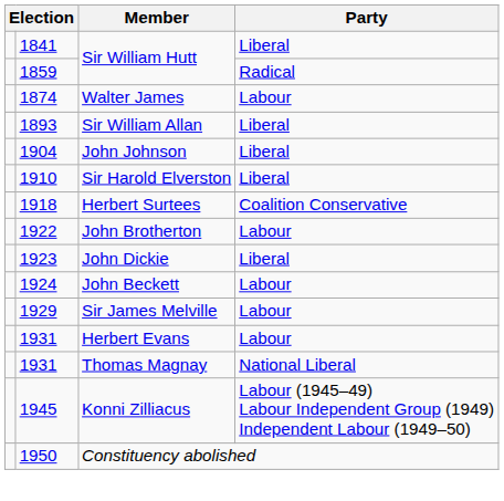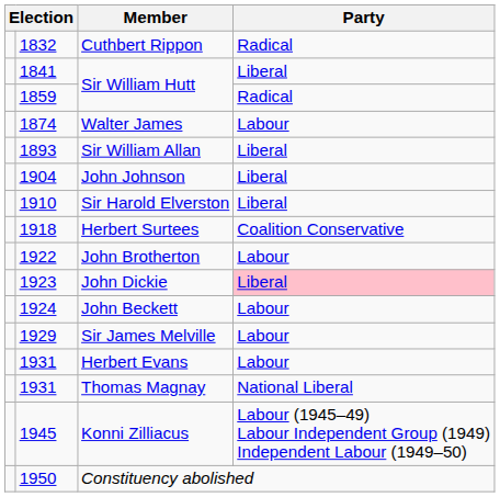 <table class="wikitable">
 <tr>
 <th colspan="2">Election</th>
 <th>Member</th>
 <th>Party</th>
+</tr>
+<tr>
+<td style="color:inherit;background-color: "></td>
+<td><a href='#'>1832</a></td>
+<td><a href='#'>Cuthbert Rippon</a></td>
+<td><a href='#'>Radical</a></td>
 </tr>
 <tr>
 <td style="color:inherit;background-color: "></td>
 <td><a href='#'>1841</a></td>
 <td rowspan="2"><a href='#'>Sir William Hutt</a></td>
 <td><a href='#'>Liberal</a></td>
 </tr>
 <tr>
 <td style="color:inherit;background-color: "></td>
 <td><a href='#'>1859</a></td>
 <td><a href='#'>Radical</a></td>
 </tr>
 <tr>
 <td style="color:inherit;background-color: "></td>
 <td><a href='#'>1874</a></td>
 <td><a href='#'>Walter James</a></td>
 <td><a href='#'>Labour</a></td>
 </tr>
 <tr>
 <td style="color:inherit;background-color: "></td>
 <td><a href='#'>1893</a></td>
 <td><a href='#'>Sir William Allan</a></td>
 <td><a href='#'>Liberal</a></td>
 </tr>
 <tr>
 <td style="color:inherit;background-color: "></td>
 <td><a href='#'>1904</a></td>
 <td><a href='#'>John Johnson</a></td>
 <td><a href='#'>Liberal</a></td>
 </tr>
 <tr>
 <td style="color:inherit;background-color: "></td>
 <td><a href='#'>1910</a></td>
 <td><a href='#'>Sir Harold Elverston</a></td>
 <td><a href='#'>Liberal</a></td>
 </tr>
 <tr>
 <td style="color:inherit;background-color: "></td>
 <td><a href='#'>1918</a></td>
 <td><a href='#'>Herbert Surtees</a></td>
 <td><a href='#'>Coalition Conservative</a></td>
 </tr>
 <tr>
 <td style="color:inherit;background-color: "></td>
 <td><a href='#'>1922</a></td>
 <td><a href='#'>John Brotherton</a></td>
 <td><a href='#'>Labour</a></td>
 </tr>
 <tr>
 <td style="color:inherit;background-color: "></td>
 <td><a href='#'>1923</a></td>
 <td><a href='#'>John Dickie</a></td>
-<td><a href='#'>Liberal</a></td>
+<td style="background: pink;"><a href='#'>Liberal</a></td>
 </tr>
 <tr>
 <td style="color:inherit;background-color: "></td>
 <td><a href='#'>1924</a></td>
 <td><a href='#'>John Beckett</a></td>
 <td><a href='#'>Labour</a></td>
 </tr>
 <tr>
 <td style="color:inherit;background-color: "></td>
 <td><a href='#'>1929</a></td>
 <td><a href='#'>Sir James Melville</a></td>
 <td><a href='#'>Labour</a></td>
 </tr>
 <tr>
 <td style="color:inherit;background-color: "></td>
 <td><a href='#'>1931</a></td>
 <td><a href='#'>Herbert Evans</a></td>
 <td><a href='#'>Labour</a></td>
 </tr>
 <tr>
 <td style="color:inherit;background-color: "></td>
 <td><a href='#'>1931</a></td>
 <td><a href='#'>Thomas Magnay</a></td>
 <td><a href='#'>National Liberal</a></td>
 </tr>
 <tr>
 <td style="color:inherit;background-color: "></td>
 <td><a href='#'>1945</a></td>
 <td><a href='#'>Konni Zilliacus</a></td>
 <td><a href='#'>Labour</a> (1945–49)<br><a href='#'>Labour Independent Group</a> (1949)<br><a href='#'>Independent Labour</a> (1949–50)</td>
 </tr>
 <tr>
 <td></td>
 <td><a href='#'>1950</a></td>
 <td colspan="2"><em>Constituency abolished</em></td>
 </tr>
 </table>
